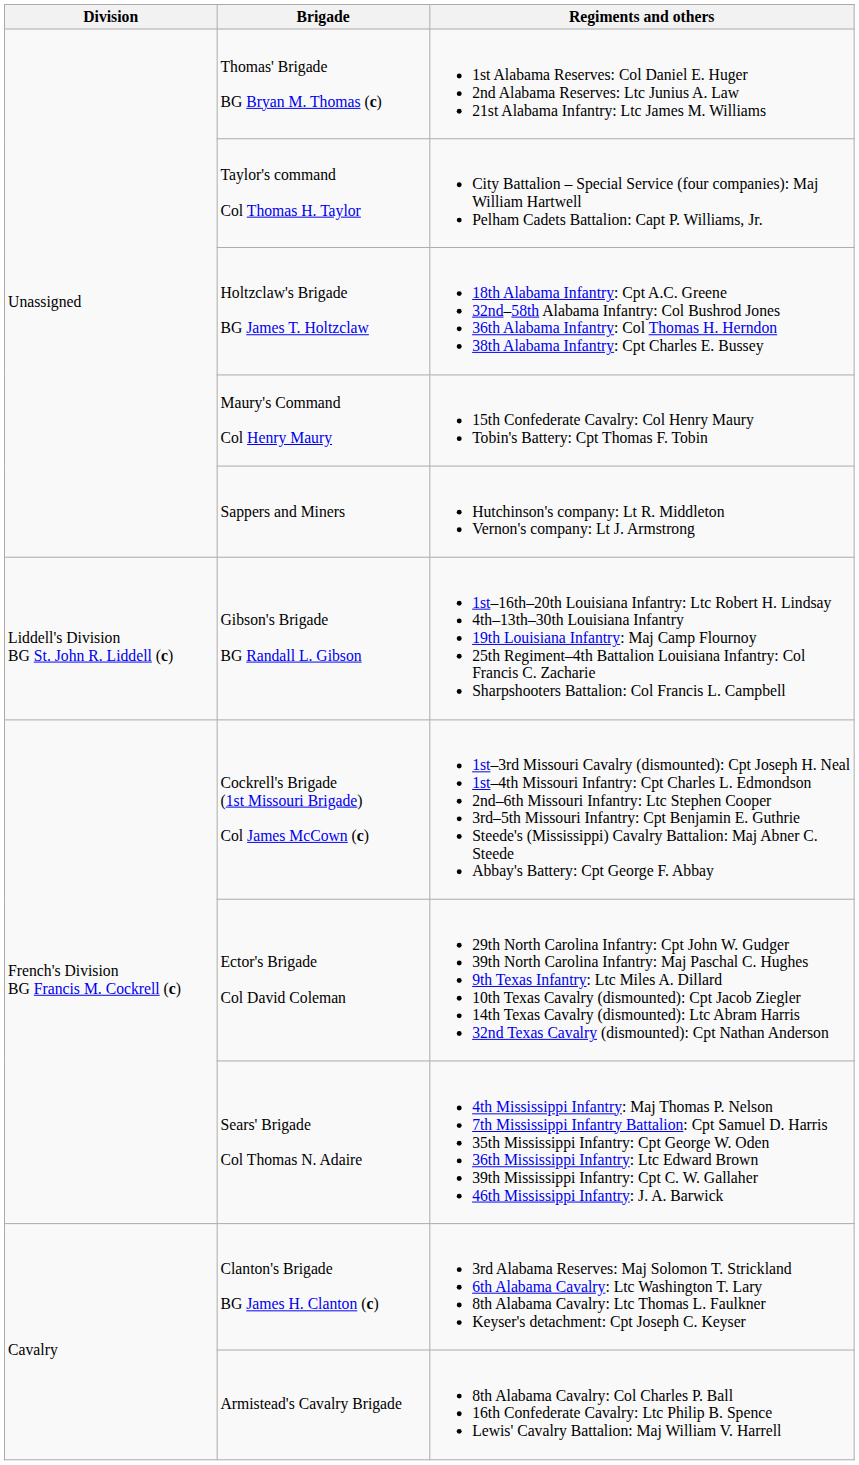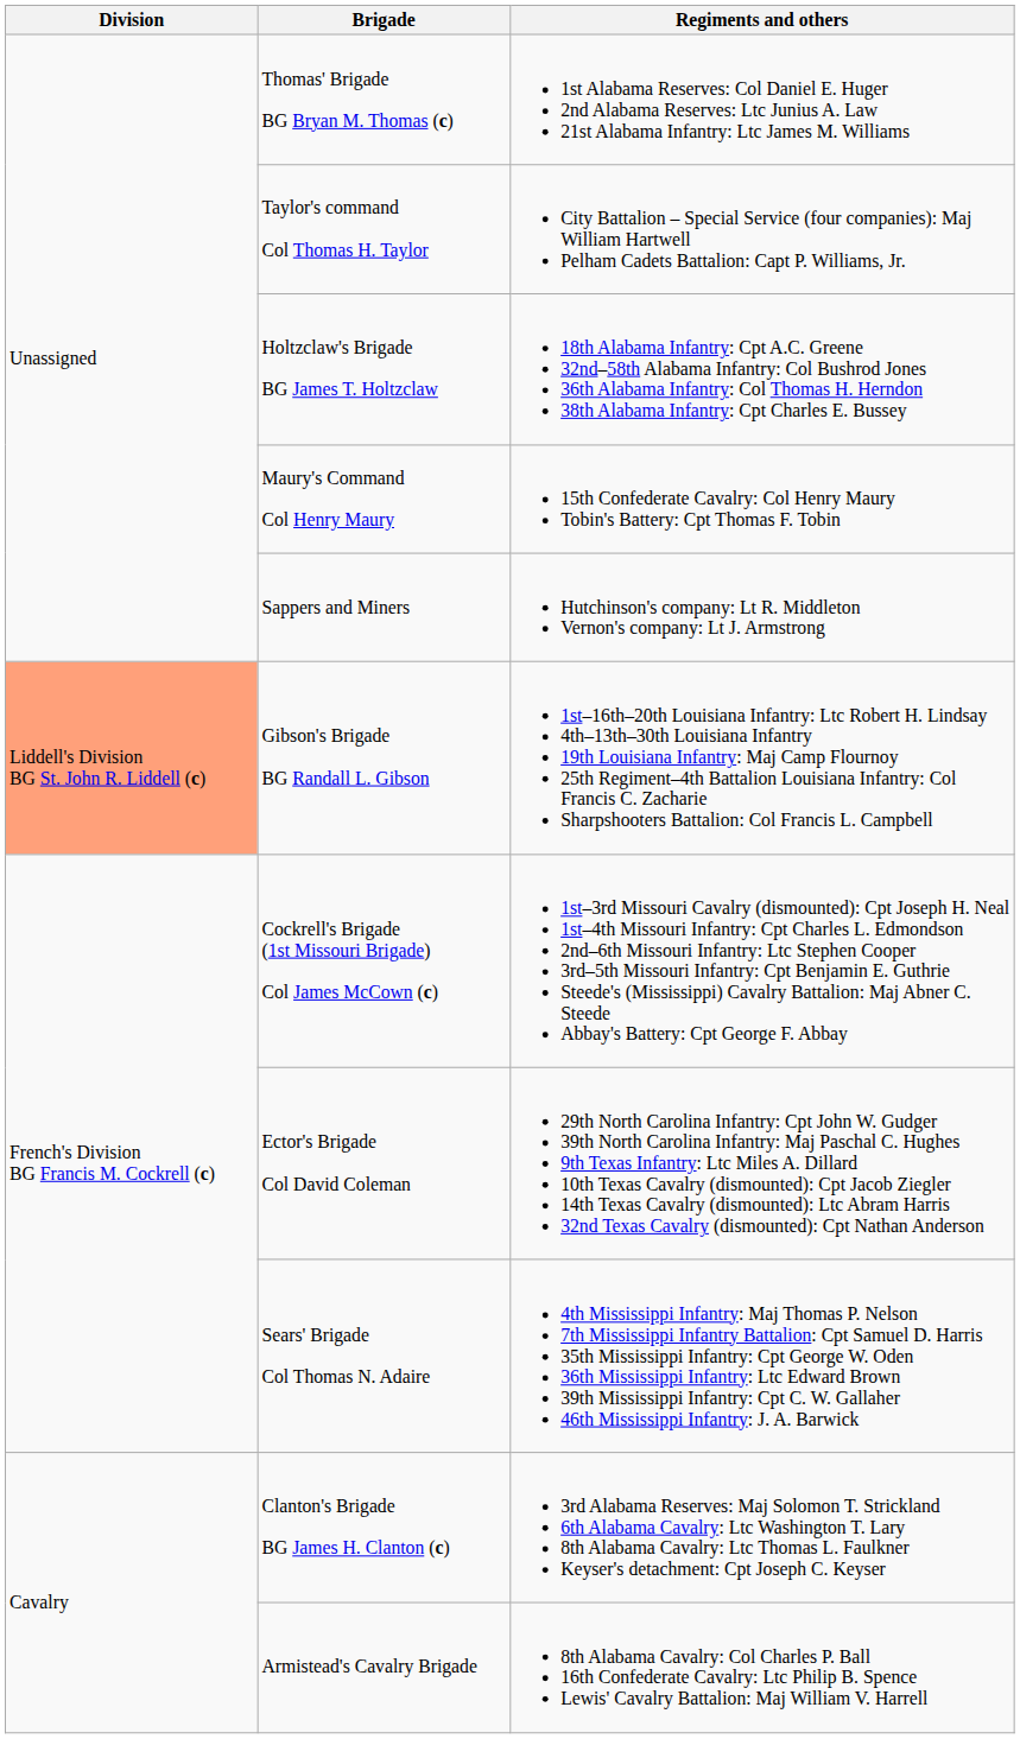 <table class="wikitable">
 <tr>
 <th style="width:25%;">Division</th>
 <th style="width:25%;">Brigade</th>
 <th>Regiments and others</th>
 </tr>
 <tr>
 <td rowspan=5><br>Unassigned</td>
 <td>Thomas' Brigade<br><br> BG <a href='#'>Bryan M. Thomas</a> (<strong>c</strong>)</td>
 <td><br><ul><li>1st Alabama Reserves: Col Daniel E. Huger</li><li>2nd Alabama Reserves: Ltc Junius A. Law</li><li>21st Alabama Infantry: Ltc James M. Williams</li></ul></td>
 </tr>
 <tr>
 <td>Taylor's command<br><br> Col <a href='#'>Thomas H. Taylor</a></td>
 <td><br><ul><li>City Battalion – Special Service (four companies): Maj William Hartwell</li><li>Pelham Cadets Battalion: Capt P. Williams, Jr.</li></ul></td>
 </tr>
 <tr>
 <td>Holtzclaw's Brigade<br><br> BG <a href='#'>James T. Holtzclaw</a></td>
 <td><br><ul><li><a href='#'>18th Alabama Infantry</a>: Cpt A.C. Greene</li><li><a href='#'>32nd</a>–<a href='#'>58th</a> Alabama Infantry: Col Bushrod Jones</li><li><a href='#'>36th Alabama Infantry</a>: Col <a href='#'>Thomas H. Herndon</a></li><li><a href='#'>38th Alabama Infantry</a>: Cpt Charles E. Bussey</li></ul></td>
 </tr>
 <tr>
 <td>Maury's Command<br><br> Col <a href='#'>Henry Maury</a></td>
 <td><br><ul><li>15th Confederate Cavalry: Col Henry Maury</li><li>Tobin's Battery: Cpt Thomas F. Tobin</li></ul></td>
 </tr>
 <tr>
 <td>Sappers and Miners</td>
 <td><br><ul><li>Hutchinson's company: Lt R. Middleton</li><li>Vernon's company: Lt J. Armstrong</li></ul></td>
 </tr>
 <tr>
-<td rowspan=1><br>Liddell's Division <br> BG <a href='#'>St. John R. Liddell</a> (<strong>c</strong>)</td>
+<td rowspan=1 style="background: lightsalmon;"><br>Liddell's Division <br> BG <a href='#'>St. John R. Liddell</a> (<strong>c</strong>)</td>
 <td>Gibson's Brigade<br><br> BG <a href='#'>Randall L. Gibson</a></td>
 <td><br><ul><li><a href='#'>1st</a>–16th–20th Louisiana Infantry: Ltc Robert H. Lindsay</li><li>4th–13th–30th Louisiana Infantry</li><li><a href='#'>19th Louisiana Infantry</a>: Maj Camp Flournoy</li><li>25th Regiment–4th Battalion Louisiana Infantry: Col Francis C. Zacharie</li><li>Sharpshooters Battalion: Col Francis L. Campbell</li></ul></td>
 </tr>
 <tr>
 <td rowspan=3><br>French's Division <br> BG <a href='#'>Francis M. Cockrell</a> (<strong>c</strong>)</td>
 <td>Cockrell's Brigade<br>(<a href='#'>1st Missouri Brigade</a>) <br><br> Col <a href='#'>James McCown</a> (<strong>c</strong>)</td>
 <td><br><ul><li><a href='#'>1st</a>–3rd Missouri Cavalry (dismounted): Cpt Joseph H. Neal</li><li><a href='#'>1st</a>–4th Missouri Infantry: Cpt Charles L. Edmondson</li><li>2nd–6th Missouri Infantry: Ltc Stephen Cooper</li><li>3rd–5th Missouri Infantry: Cpt Benjamin E. Guthrie</li><li>Steede's (Mississippi) Cavalry Battalion: Maj Abner C. Steede</li><li>Abbay's Battery: Cpt George F. Abbay</li></ul></td>
 </tr>
 <tr>
 <td>Ector's Brigade<br><br> Col David Coleman</td>
 <td><br><ul><li>29th North Carolina Infantry: Cpt John W. Gudger</li><li>39th North Carolina Infantry: Maj Paschal C. Hughes</li><li><a href='#'>9th Texas Infantry</a>: Ltc Miles A. Dillard</li><li>10th Texas Cavalry (dismounted): Cpt Jacob Ziegler</li><li>14th Texas Cavalry (dismounted): Ltc Abram Harris</li><li><a href='#'>32nd Texas Cavalry</a> (dismounted): Cpt Nathan Anderson</li></ul></td>
 </tr>
 <tr>
 <td>Sears' Brigade<br><br> Col Thomas N. Adaire</td>
 <td><br><ul><li><a href='#'>4th Mississippi Infantry</a>: Maj Thomas P. Nelson</li><li><a href='#'>7th Mississippi Infantry Battalion</a>: Cpt Samuel D. Harris</li><li>35th Mississippi Infantry: Cpt George W. Oden</li><li><a href='#'>36th Mississippi Infantry</a>: Ltc Edward Brown</li><li>39th Mississippi Infantry: Cpt C. W. Gallaher</li><li><a href='#'>46th Mississippi Infantry</a>: J. A. Barwick</li></ul></td>
 </tr>
 <tr>
 <td rowspan=2><br>Cavalry</td>
 <td>Clanton's Brigade<br><br> BG <a href='#'>James H. Clanton</a> (<strong>c</strong>)</td>
 <td><br><ul><li>3rd Alabama Reserves: Maj Solomon T. Strickland</li><li><a href='#'>6th Alabama Cavalry</a>: Ltc Washington T. Lary</li><li>8th Alabama Cavalry: Ltc Thomas L. Faulkner</li><li>Keyser's detachment: Cpt Joseph C. Keyser</li></ul></td>
 </tr>
 <tr>
 <td>Armistead's Cavalry Brigade</td>
 <td><br><ul><li>8th Alabama Cavalry: Col Charles P. Ball</li><li>16th Confederate Cavalry: Ltc Philip B. Spence</li><li>Lewis' Cavalry Battalion: Maj William V. Harrell</li></ul></td>
 </tr>
 </table>
